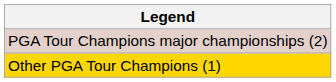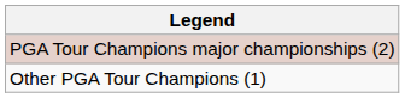 <table class="wikitable" style="font-size:95%;">
 <tr>
 <th>Legend</th>
 </tr>
 <tr style="background:#e5d1cb;">
 <td>PGA Tour Champions major championships (2)</td>
 </tr>
 <tr>
-<td style="background: gold;">Other PGA Tour Champions (1)</td>
+<td>Other PGA Tour Champions (1)</td>
 </tr>
 </table>
